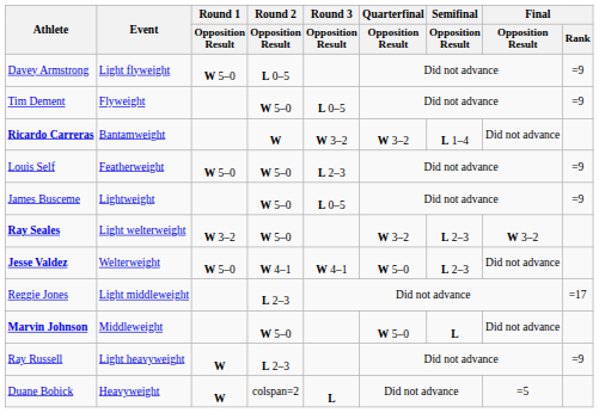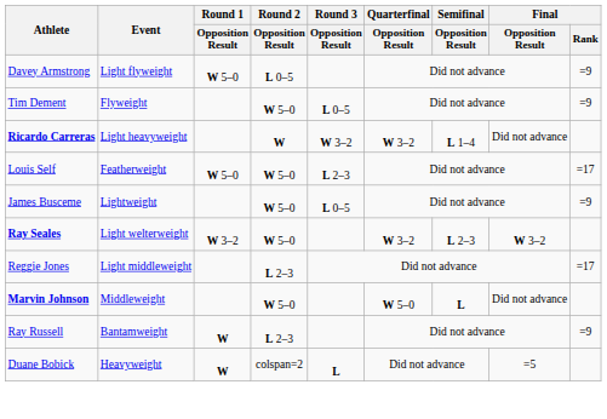 <table class=wikitable style=font-size:90%;text-align:center>
 <tr>
 <th rowspan=2>Athlete</th>
 <th rowspan=2>Event</th>
 <th>Round 1</th>
 <th>Round 2</th>
 <th>Round 3</th>
 <th>Quarterfinal</th>
 <th>Semifinal</th>
 <th colspan=2>Final</th>
 </tr>
 <tr style=font-size:95%>
 <th>Opposition<br>Result</th>
 <th>Opposition<br>Result</th>
 <th>Opposition<br>Result</th>
 <th>Opposition<br>Result</th>
 <th>Opposition<br>Result</th>
 <th>Opposition<br>Result</th>
 <th>Rank</th>
 </tr>
 <tr>
 <td align=left><a href='#'>Davey Armstrong</a></td>
 <td align=left><a href='#'>Light flyweight</a></td>
 <td><br><strong>W</strong> 5–0</td>
 <td><br><strong>L</strong> 0–5</td>
 <td></td>
 <td colspan=3>Did not advance</td>
 <td>=9</td>
 </tr>
 <tr>
 <td align=left><a href='#'>Tim Dement</a></td>
 <td align=left><a href='#'>Flyweight</a></td>
 <td></td>
 <td><br><strong>W</strong> 5–0</td>
 <td><br><strong>L</strong> 0–5</td>
 <td colspan=3>Did not advance</td>
 <td>=9</td>
 </tr>
 <tr>
 <td align=left><strong><a href='#'>Ricardo Carreras</a></strong></td>
-<td align=left><a href='#'>Bantamweight</a></td>
+<td align=left><a href='#'>Light heavyweight</a></td>
 <td></td>
 <td><br><strong>W</strong> </td>
 <td><br><strong>W</strong> 3–2</td>
 <td><br><strong>W</strong> 3–2</td>
 <td><br><strong>L</strong> 1–4</td>
 <td>Did not advance</td>
 <td></td>
 </tr>
 <tr>
 <td align=left><a href='#'>Louis Self</a></td>
 <td align=left><a href='#'>Featherweight</a></td>
 <td><br><strong>W</strong> 5–0</td>
 <td><br><strong>W</strong> 5–0</td>
 <td><br><strong>L</strong> 2–3</td>
 <td colspan=3>Did not advance</td>
-<td>=9</td>
+<td>=17</td>
 </tr>
 <tr>
 <td align=left><a href='#'>James Busceme</a></td>
 <td align=left><a href='#'>Lightweight</a></td>
 <td></td>
 <td><br><strong>W</strong> 5–0</td>
 <td><br><strong>L</strong> 0–5</td>
 <td colspan=3>Did not advance</td>
 <td>=9</td>
 </tr>
 <tr>
 <td align=left><strong><a href='#'>Ray Seales</a></strong></td>
 <td align=left><a href='#'>Light welterweight</a></td>
 <td><br><strong>W</strong> 3–2</td>
 <td><br><strong>W</strong> 5–0</td>
 <td></td>
 <td><br><strong>W</strong> 3–2</td>
 <td><br><strong>L</strong> 2–3</td>
 <td><br><strong>W</strong> 3–2</td>
-<td></td>
-</tr>
-<tr>
-<td align=left><strong><a href='#'>Jesse Valdez</a></strong></td>
-<td align=left><a href='#'>Welterweight</a></td>
-<td><br><strong>W</strong> 5–0</td>
-<td><br><strong>W</strong> 4–1</td>
-<td><br><strong>W</strong> 4–1</td>
-<td><br><strong>W</strong> 5–0</td>
-<td><br><strong>L</strong> 2–3</td>
-<td>Did  not advance</td>
 <td></td>
 </tr>
 <tr>
 <td align=left><a href='#'>Reggie Jones</a></td>
 <td align=left><a href='#'>Light middleweight</a></td>
 <td></td>
 <td><br><strong>L</strong> 2–3</td>
 <td colspan=4>Did not advance</td>
 <td>=17</td>
 </tr>
 <tr>
 <td align=left><strong><a href='#'>Marvin Johnson</a></strong></td>
 <td align=left><a href='#'>Middleweight</a></td>
 <td></td>
 <td><br><strong>W</strong> 5–0</td>
 <td></td>
 <td><br><strong>W</strong> 5–0</td>
 <td><br><strong>L</strong> </td>
 <td>Did not advance</td>
 <td></td>
 </tr>
 <tr>
 <td align=left><a href='#'>Ray Russell</a></td>
-<td align=left><a href='#'>Light heavyweight</a></td>
+<td align=left><a href='#'>Bantamweight</a></td>
 <td><br><strong>W</strong> </td>
 <td><br><strong>L</strong> 2–3</td>
 <td></td>
 <td colspan=3>Did not advance</td>
 <td>=9</td>
 </tr>
 <tr>
 <td align=left><a href='#'>Duane Bobick</a></td>
 <td align=left><a href='#'>Heavyweight</a></td>
 <td><br><strong>W</strong> </td>
 <td>colspan=2 </td>
 <td><br><strong>L</strong> </td>
 <td colspan=2>Did not advance</td>
 <td>=5</td>
 </tr>
 </table>
